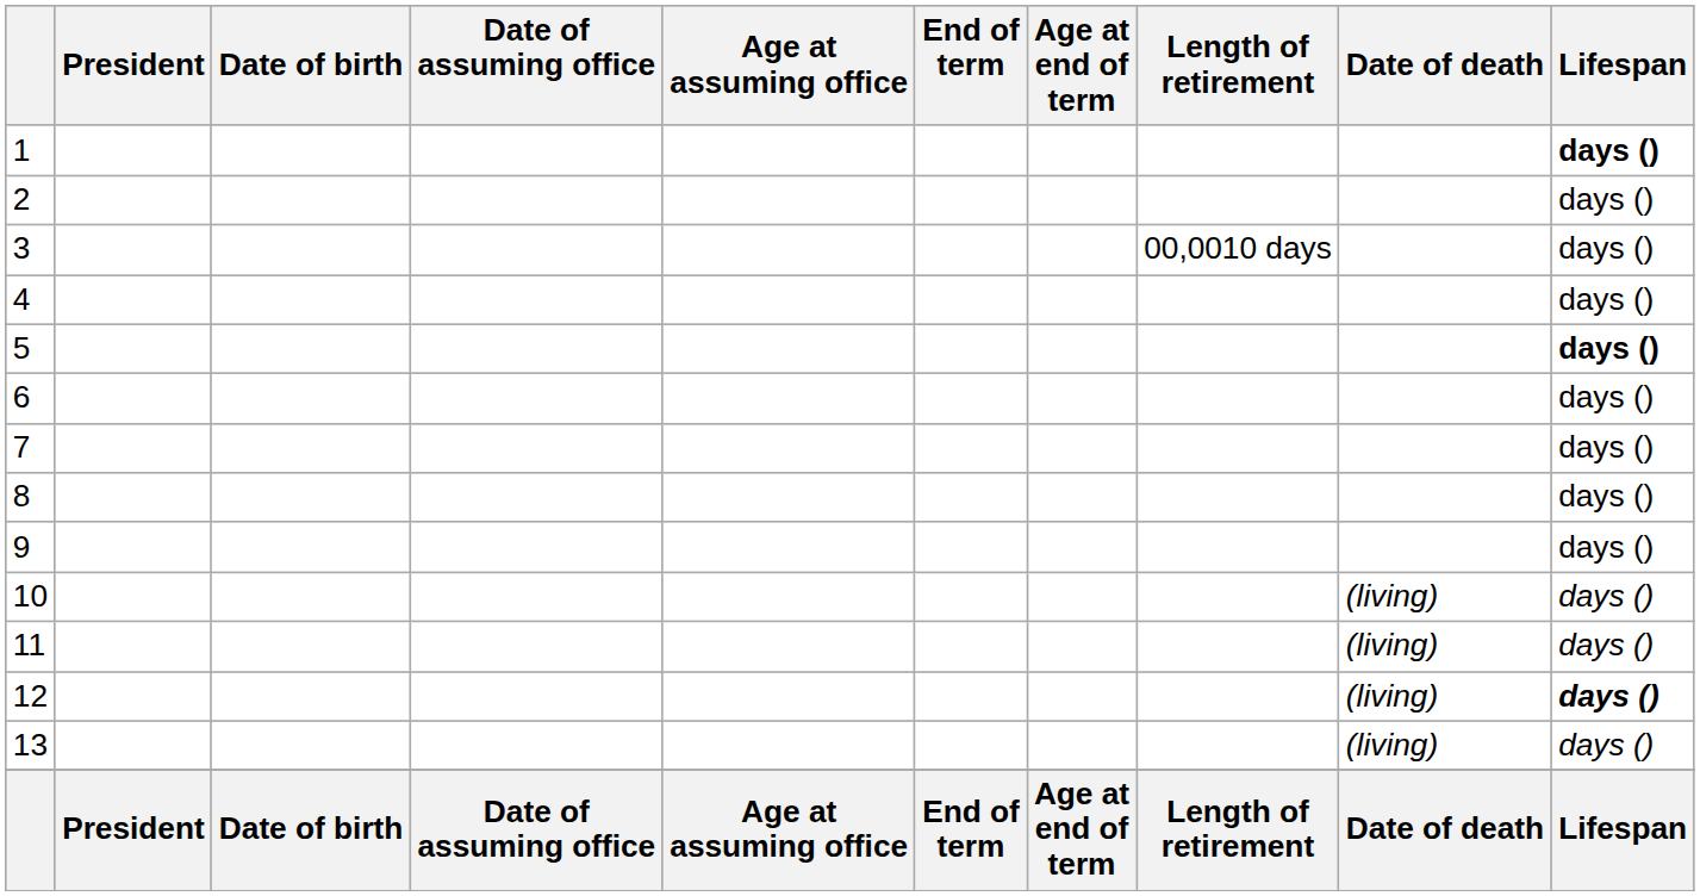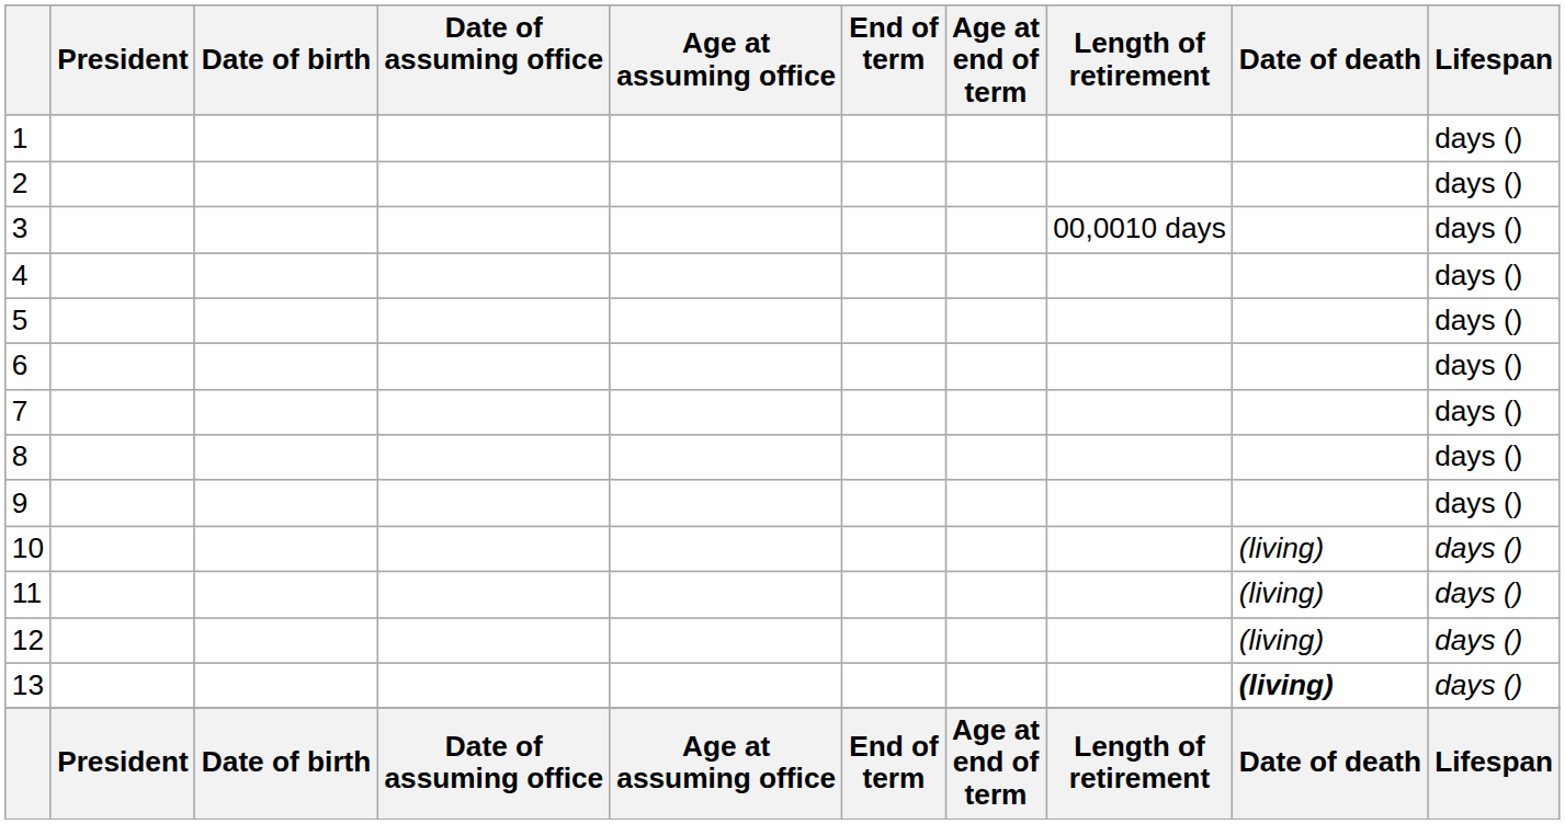 <table class="sortable wikitable">
 <tr>
 <th align="center"><br></th>
 <th align="center">President<br></th>
 <th align="center">Date of birth<br></th>
 <th align="center" class="unsortable" valign="top">Date of <br>assuming office</th>
 <th align="center">Age at <br>assuming office<br></th>
 <th align="center" class="unsortable" valign="top">End of<br>term</th>
 <th align="center">Age at <br>end of<br>term</th>
 <th align="center">Length of<br>retirement<br></th>
 <th align="center">Date of death<br></th>
 <th align="center">Lifespan<br></th>
 </tr>
 <tr style="text-align: left; background:#FFFFFF">
 <td>1</td>
 <td></td>
 <td></td>
 <td></td>
 <td></td>
 <td></td>
 <td></td>
 <td></td>
 <td></td>
-<td><strong> days ()</strong></td>
+<td> days ()</td>
 </tr>
 <tr style="text-align: left; background:#FFFFFF">
 <td>2</td>
 <td></td>
 <td></td>
 <td></td>
 <td></td>
 <td></td>
 <td></td>
 <td></td>
 <td></td>
 <td> days ()</td>
 </tr>
 <tr style="text-align: left; background:#FFFFFF">
 <td>3</td>
 <td></td>
 <td></td>
 <td></td>
 <td></td>
 <td></td>
 <td></td>
 <td><span>00,001</span>0 days</td>
 <td></td>
 <td> days ()</td>
 </tr>
 <tr style="text-align: left; background:#FFFFFF">
 <td>4</td>
 <td></td>
 <td></td>
 <td></td>
 <td></td>
 <td></td>
 <td></td>
 <td></td>
 <td></td>
 <td> days ()</td>
 </tr>
 <tr style="text-align: left; background:#FFFFFF">
 <td>5</td>
 <td></td>
 <td></td>
 <td></td>
 <td></td>
 <td></td>
 <td></td>
 <td></td>
 <td></td>
-<td><strong> days ()</strong></td>
+<td> days ()</td>
 </tr>
 <tr style="text-align: left; background:#FFFFFF">
 <td>6</td>
 <td></td>
 <td></td>
 <td></td>
 <td></td>
 <td></td>
 <td></td>
 <td></td>
 <td></td>
 <td> days ()</td>
 </tr>
 <tr style="text-align: left; background:#FFFFFF">
 <td>7</td>
 <td></td>
 <td></td>
 <td></td>
 <td></td>
 <td></td>
 <td></td>
 <td></td>
 <td></td>
 <td> days ()</td>
 </tr>
 <tr style="text-align: left; background:#FFFFFF">
 <td>8</td>
 <td></td>
 <td></td>
 <td></td>
 <td></td>
 <td></td>
 <td></td>
 <td></td>
 <td></td>
 <td> days ()</td>
 </tr>
 <tr style="text-align: left; background:#FFFFFF">
 <td>9</td>
 <td></td>
 <td></td>
 <td></td>
 <td></td>
 <td></td>
 <td></td>
 <td></td>
 <td></td>
 <td> days ()</td>
 </tr>
 <tr style="text-align: left; background:#FFFFFF">
 <td>10</td>
 <td></td>
 <td></td>
 <td></td>
 <td></td>
 <td></td>
 <td></td>
 <td><em></em></td>
 <td><em>(living)</em></td>
 <td><em> days ()</em></td>
 </tr>
 <tr style="text-align: left; background:#FFFFFF">
 <td>11</td>
 <td></td>
 <td></td>
 <td></td>
 <td></td>
 <td></td>
 <td></td>
 <td><em></em></td>
 <td><em>(living)</em></td>
 <td><em> days ()</em></td>
 </tr>
 <tr style="text-align: left; background:#FFFFFF">
 <td>12</td>
 <td></td>
 <td></td>
 <td></td>
 <td></td>
 <td></td>
 <td></td>
 <td><em></em></td>
 <td><em>(living)</em></td>
-<td><strong><em> days ()</em></strong></td>
+<td><em> days ()</em></td>
 </tr>
 <tr style="text-align: left; background:#FFFFFF">
 <td>13</td>
 <td></td>
 <td></td>
 <td></td>
 <td></td>
 <td></td>
 <td></td>
 <td><em></em></td>
-<td><em>(living)</em></td>
+<td><strong><em>(living)</em></strong></td>
 <td><em> days ()</em></td>
 </tr>
 <tr style="text-align: left; background:#FFFFFF">
 </tr>
 <tr class="sortbottom" style="text-align:left">
 <th align="center"></th>
 <th align="center">President</th>
 <th align="center">Date of birth</th>
 <th align="center">Date of<br>assuming office</th>
 <th align="center">Age at<br>assuming office</th>
 <th align="center">End of<br>term</th>
 <th align="center">Age at <br>end of<br>term</th>
 <th align="center">Length of<br>retirement</th>
 <th align="center">Date of death</th>
 <th align="center">Lifespan</th>
 </tr>
 </table>
